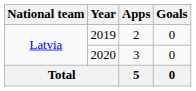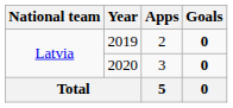 <table class="wikitable" style="text-align:center">
 <tr>
 <th>National team</th>
 <th>Year</th>
 <th>Apps</th>
 <th>Goals</th>
 </tr>
 <tr>
 <td rowspan="2"><a href='#'>Latvia</a></td>
 <td>2019</td>
 <td>2</td>
-<td>0</td>
+<td><strong>0</strong></td>
 </tr>
 <tr>
 <td>2020</td>
 <td>3</td>
-<td>0</td>
+<td><strong>0</strong></td>
 </tr>
 <tr>
 <th colspan="2">Total</th>
 <th>5</th>
 <th>0</th>
 </tr>
 </table>
